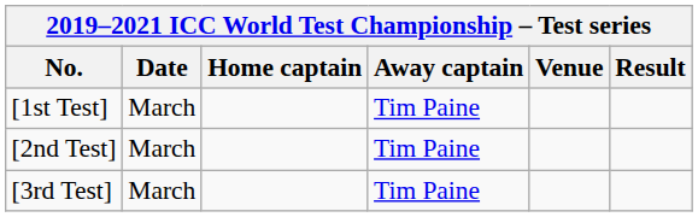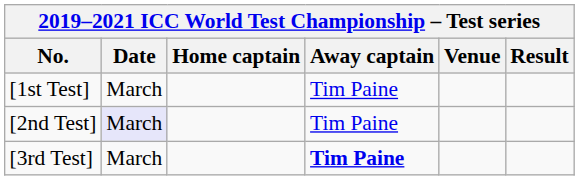 <table class="wikitable">
 <tr>
 <th colspan="9"><a href='#'>2019–2021 ICC World Test Championship</a> – Test series</th>
 </tr>
 <tr>
 <th>No.</th>
 <th>Date</th>
 <th>Home captain</th>
 <th>Away captain</th>
 <th>Venue</th>
 <th>Result</th>
 </tr>
 <tr>
 <td>[1st Test]</td>
 <td>March</td>
 <td></td>
 <td><a href='#'>Tim Paine</a></td>
 <td></td>
 <td></td>
 </tr>
 <tr>
 <td>[2nd Test]</td>
-<td>March</td>
+<td style="background: lavender;">March</td>
 <td></td>
 <td><a href='#'>Tim Paine</a></td>
 <td></td>
 <td></td>
 </tr>
 <tr>
 <td>[3rd Test]</td>
 <td>March</td>
 <td></td>
-<td><a href='#'>Tim Paine</a></td>
+<td><strong><a href='#'>Tim Paine</a></strong></td>
 <td></td>
 <td></td>
 </tr>
 </table>
